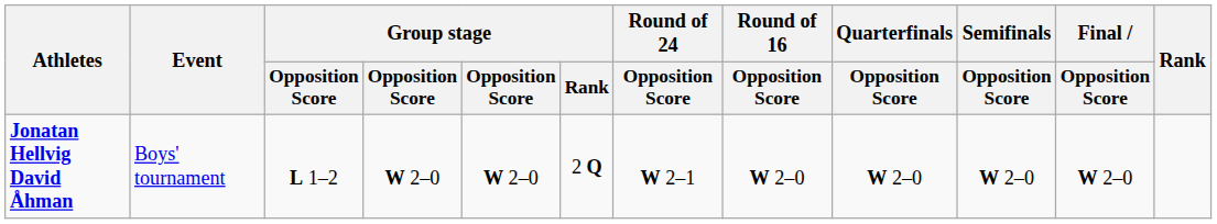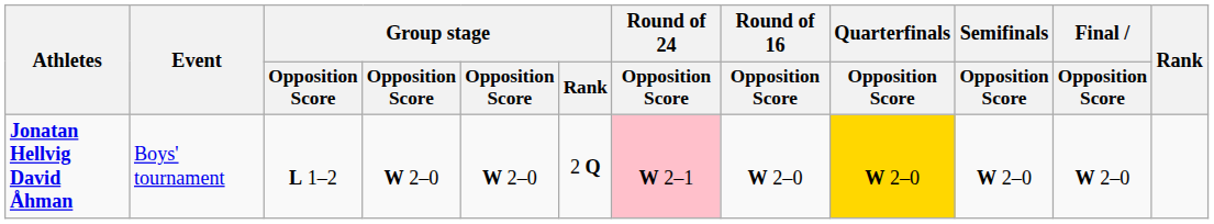 <table class=wikitable style="font-size:90%">
 <tr>
 <th rowspan="2">Athletes</th>
 <th rowspan="2">Event</th>
 <th colspan=4>Group stage</th>
 <th>Round of 24</th>
 <th>Round of 16</th>
 <th>Quarterfinals</th>
 <th>Semifinals</th>
 <th>Final / </th>
 <th rowspan=2>Rank</th>
 </tr>
 <tr style="font-size:95%">
 <th>Opposition<br>Score</th>
 <th>Opposition<br>Score</th>
 <th>Opposition<br>Score</th>
 <th>Rank</th>
 <th>Opposition<br>Score</th>
 <th>Opposition<br>Score</th>
 <th>Opposition<br>Score</th>
 <th>Opposition<br>Score</th>
 <th>Opposition<br>Score</th>
 </tr>
 <tr align=center>
 <td align=left rowspan=5><strong><a href='#'>Jonatan Hellvig</a></strong><br><strong><a href='#'>David Åhman</a></strong></td>
 <td align=left rowspan=5><a href='#'>Boys' tournament</a></td>
 <td><br><strong>L</strong> 1–2</td>
 <td><br><strong>W</strong> 2–0</td>
 <td><br><strong>W</strong> 2–0</td>
 <td>2 <strong>Q</strong></td>
-<td><br><strong>W</strong> 2–1</td>
+<td style="background: pink;"><br><strong>W</strong> 2–1</td>
 <td><br><strong>W</strong> 2–0</td>
-<td><br><strong>W</strong> 2–0</td>
+<td style="background: gold;"><br><strong>W</strong> 2–0</td>
 <td><br><strong>W</strong> 2–0</td>
 <td><br><strong>W</strong> 2–0</td>
 <td></td>
 </tr>
 </table>
